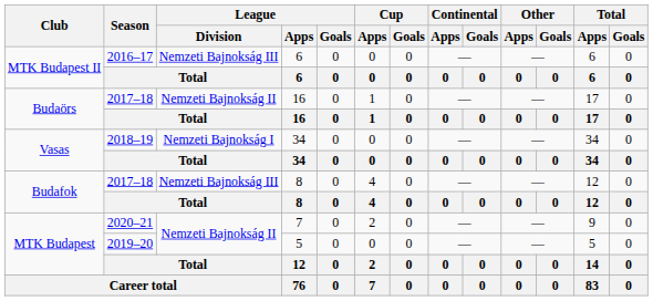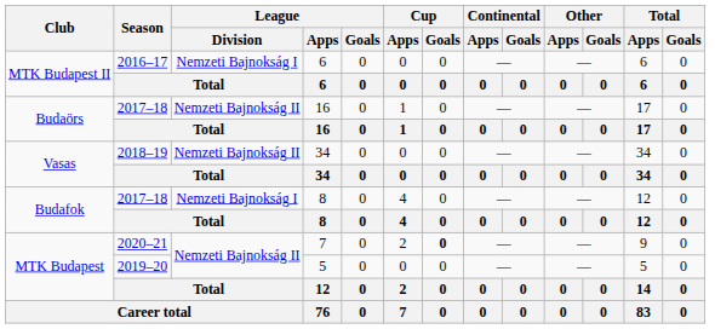 <table class="wikitable" style="text-align:center">
 <tr>
 <th rowspan="2">Club</th>
 <th rowspan="2">Season</th>
 <th colspan="3">League</th>
 <th colspan="2">Cup</th>
 <th colspan="2">Continental</th>
 <th colspan="2">Other</th>
 <th colspan="2">Total</th>
 </tr>
 <tr>
 <th>Division</th>
 <th>Apps</th>
 <th>Goals</th>
 <th>Apps</th>
 <th>Goals</th>
 <th>Apps</th>
 <th>Goals</th>
 <th>Apps</th>
 <th>Goals</th>
 <th>Apps</th>
 <th>Goals</th>
 </tr>
 <tr>
 <td rowspan="2"><a href='#'>MTK Budapest II</a></td>
 <td><a href='#'>2016–17</a></td>
-<td><a href='#'>Nemzeti Bajnokság III</a></td>
+<td><a href='#'>Nemzeti Bajnokság I</a></td>
 <td>6</td>
 <td>0</td>
 <td>0</td>
 <td>0</td>
 <td colspan="2">—</td>
 <td colspan="2">—</td>
 <td>6</td>
 <td>0</td>
 </tr>
 <tr>
 <th colspan="2">Total</th>
 <th>6</th>
 <th>0</th>
 <th>0</th>
 <th>0</th>
 <th>0</th>
 <th>0</th>
 <th>0</th>
 <th>0</th>
 <th>6</th>
 <th>0</th>
 </tr>
 <tr>
 <td rowspan="2"><a href='#'>Budaörs</a></td>
 <td><a href='#'>2017–18</a></td>
 <td><a href='#'>Nemzeti Bajnokság II</a></td>
 <td>16</td>
 <td>0</td>
 <td>1</td>
 <td>0</td>
 <td colspan="2">—</td>
 <td colspan="2">—</td>
 <td>17</td>
 <td>0</td>
 </tr>
 <tr>
 <th colspan="2">Total</th>
 <th>16</th>
 <th>0</th>
 <th>1</th>
 <th>0</th>
 <th>0</th>
 <th>0</th>
 <th>0</th>
 <th>0</th>
 <th>17</th>
 <th>0</th>
 </tr>
 <tr>
 <td rowspan="2"><a href='#'>Vasas</a></td>
 <td><a href='#'>2018–19</a></td>
-<td><a href='#'>Nemzeti Bajnokság I</a></td>
+<td><a href='#'>Nemzeti Bajnokság II</a></td>
 <td>34</td>
 <td>0</td>
 <td>0</td>
 <td>0</td>
 <td colspan="2">—</td>
 <td colspan="2">—</td>
 <td>34</td>
 <td>0</td>
 </tr>
 <tr>
 <th colspan="2">Total</th>
 <th>34</th>
 <th>0</th>
 <th>0</th>
 <th>0</th>
 <th>0</th>
 <th>0</th>
 <th>0</th>
 <th>0</th>
 <th>34</th>
 <th>0</th>
 </tr>
 <tr>
 <td rowspan="2"><a href='#'>Budafok</a></td>
 <td><a href='#'>2017–18</a></td>
-<td><a href='#'>Nemzeti Bajnokság III</a></td>
+<td><a href='#'>Nemzeti Bajnokság I</a></td>
 <td>8</td>
 <td>0</td>
 <td>4</td>
 <td>0</td>
 <td colspan="2">—</td>
 <td colspan="2">—</td>
 <td>12</td>
 <td>0</td>
 </tr>
 <tr>
 <th colspan="2">Total</th>
 <th>8</th>
 <th>0</th>
 <th>4</th>
 <th>0</th>
 <th>0</th>
 <th>0</th>
 <th>0</th>
 <th>0</th>
 <th>12</th>
 <th>0</th>
 </tr>
 <tr>
 <td rowspan="3"><a href='#'>MTK Budapest</a></td>
 <td><a href='#'>2020–21</a></td>
 <td rowspan="2"><a href='#'>Nemzeti Bajnokság II</a></td>
 <td>7</td>
 <td>0</td>
 <td>2</td>
-<td>0</td>
+<td><strong>0</strong></td>
 <td colspan="2">—</td>
 <td colspan="2">—</td>
 <td>9</td>
 <td>0</td>
 </tr>
 <tr>
 <td><a href='#'>2019–20</a></td>
 <td>5</td>
 <td>0</td>
 <td>0</td>
 <td>0</td>
 <td colspan="2">—</td>
 <td colspan="2">—</td>
 <td>5</td>
 <td>0</td>
 </tr>
 <tr>
 <th colspan="2">Total</th>
 <th>12</th>
 <th>0</th>
 <th>2</th>
 <th>0</th>
 <th>0</th>
 <th>0</th>
 <th>0</th>
 <th>0</th>
 <th>14</th>
 <th>0</th>
 </tr>
 <tr>
 <th colspan="3">Career total</th>
 <th>76</th>
 <th>0</th>
 <th>7</th>
 <th>0</th>
 <th>0</th>
 <th>0</th>
 <th>0</th>
 <th>0</th>
 <th>83</th>
 <th>0</th>
 </tr>
 </table>
